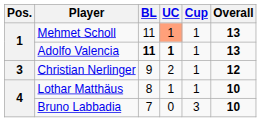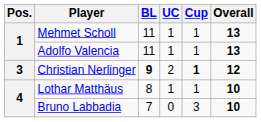 <table class="wikitable">
 <tr>
 <th>Pos.</th>
 <th>Player</th>
 <th><a href='#'>BL</a></th>
 <th><a href='#'>UC</a></th>
 <th><a href='#'>Cup</a></th>
 <th>Overall</th>
 </tr>
 <tr>
 <th rowspan=2>1</th>
 <td> <a href='#'>Mehmet Scholl</a></td>
 <td align="center">11</td>
-<td align="center" style="background: lightsalmon;">1</td>
+<td align="center">1</td>
 <td align="center">1</td>
 <td align="center"><strong>13</strong></td>
 </tr>
 <tr>
 <td> <a href='#'>Adolfo Valencia</a></td>
-<td align="center"><strong>11</strong></td>
-<td align="center"><strong>1</strong></td>
+<td align="center">11</td>
+<td align="center">1</td>
 <td align="center">1</td>
 <td align="center"><strong>13</strong></td>
 </tr>
 <tr>
 <th>3</th>
 <td> <a href='#'>Christian Nerlinger</a></td>
-<td align="center">9</td>
+<td align="center"><strong>9</strong></td>
 <td align="center">2</td>
-<td align="center">1</td>
+<td align="center"><strong>1</strong></td>
 <td align="center"><strong>12</strong></td>
 </tr>
 <tr>
 <th rowspan=2>4</th>
 <td> <a href='#'>Lothar Matthäus</a></td>
 <td align="center">8</td>
 <td align="center">1</td>
 <td align="center">1</td>
 <td align="center"><strong>10</strong></td>
 </tr>
 <tr>
 <td> <a href='#'>Bruno Labbadia</a></td>
 <td align="center">7</td>
 <td align="center">0</td>
 <td align="center">3</td>
 <td align="center"><strong>10</strong></td>
 </tr>
 </table>
